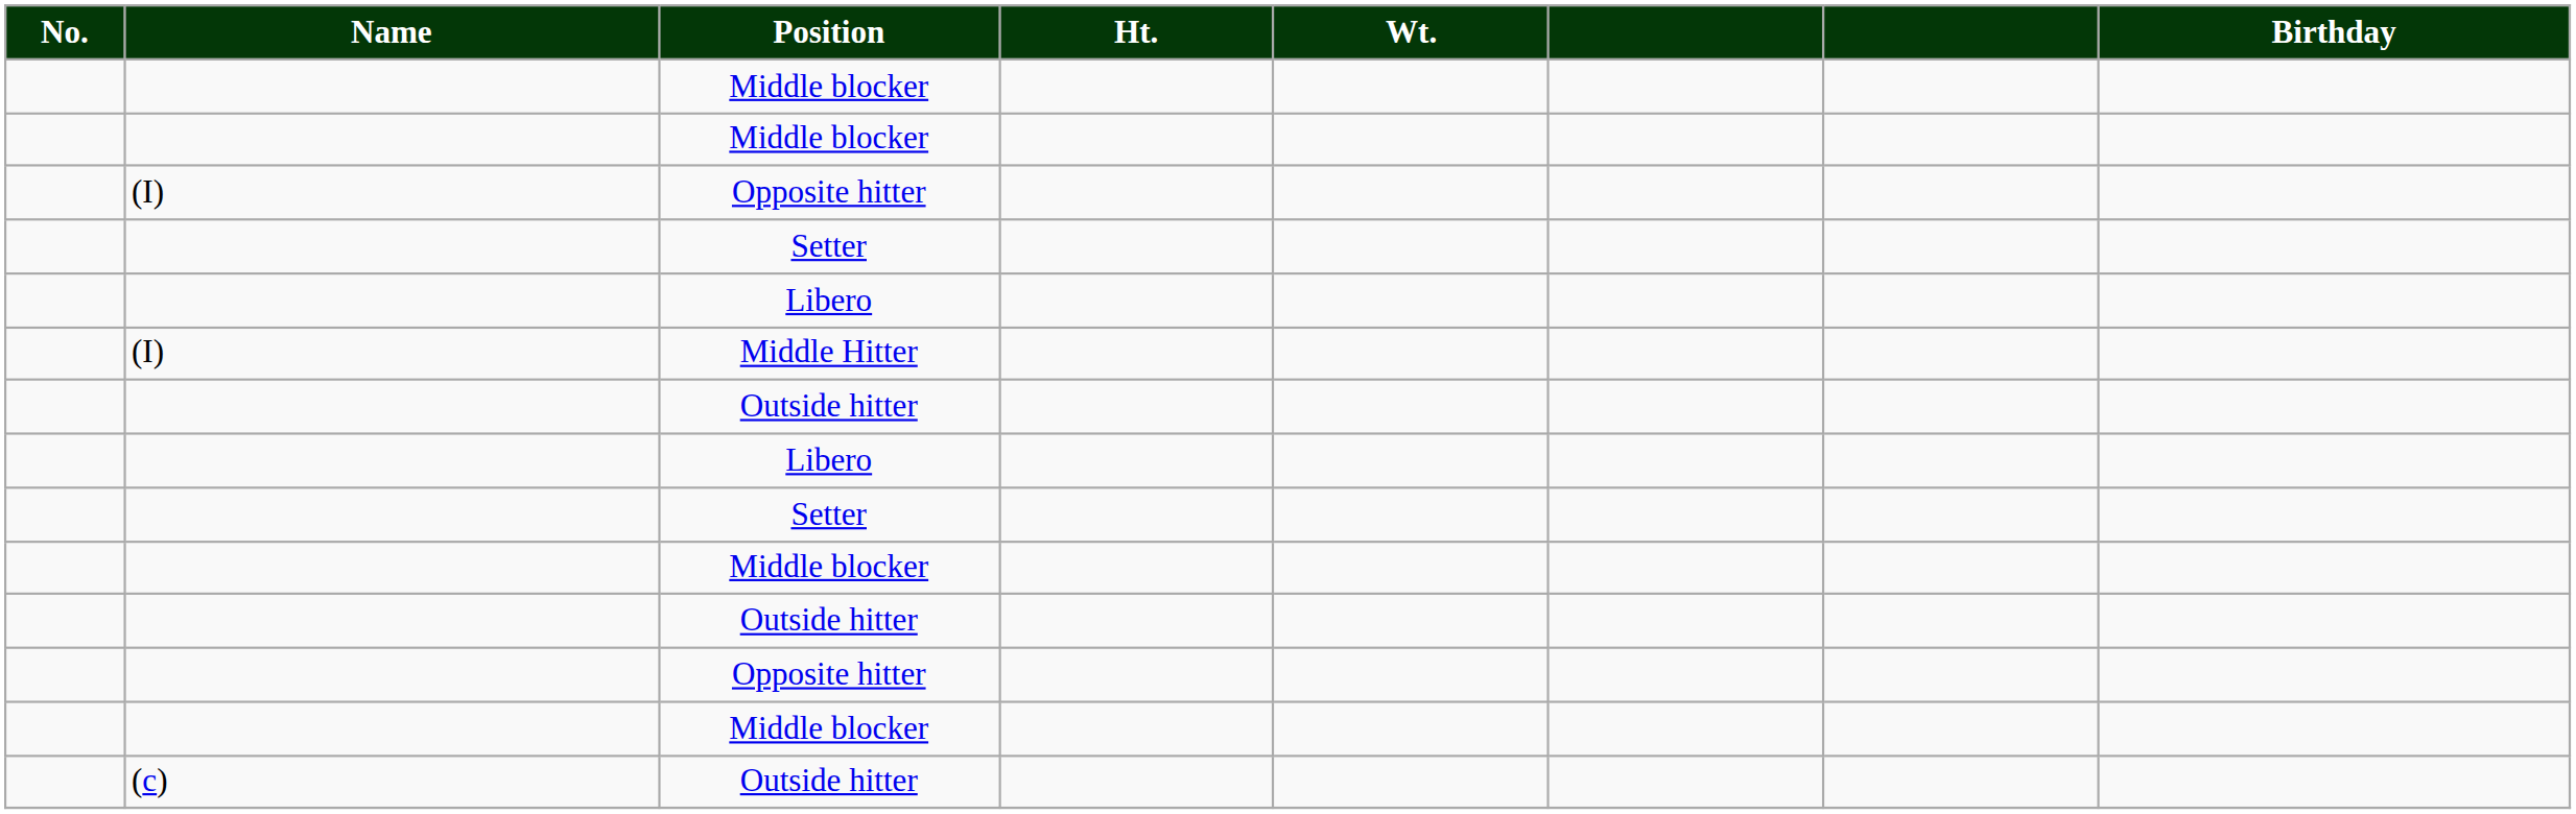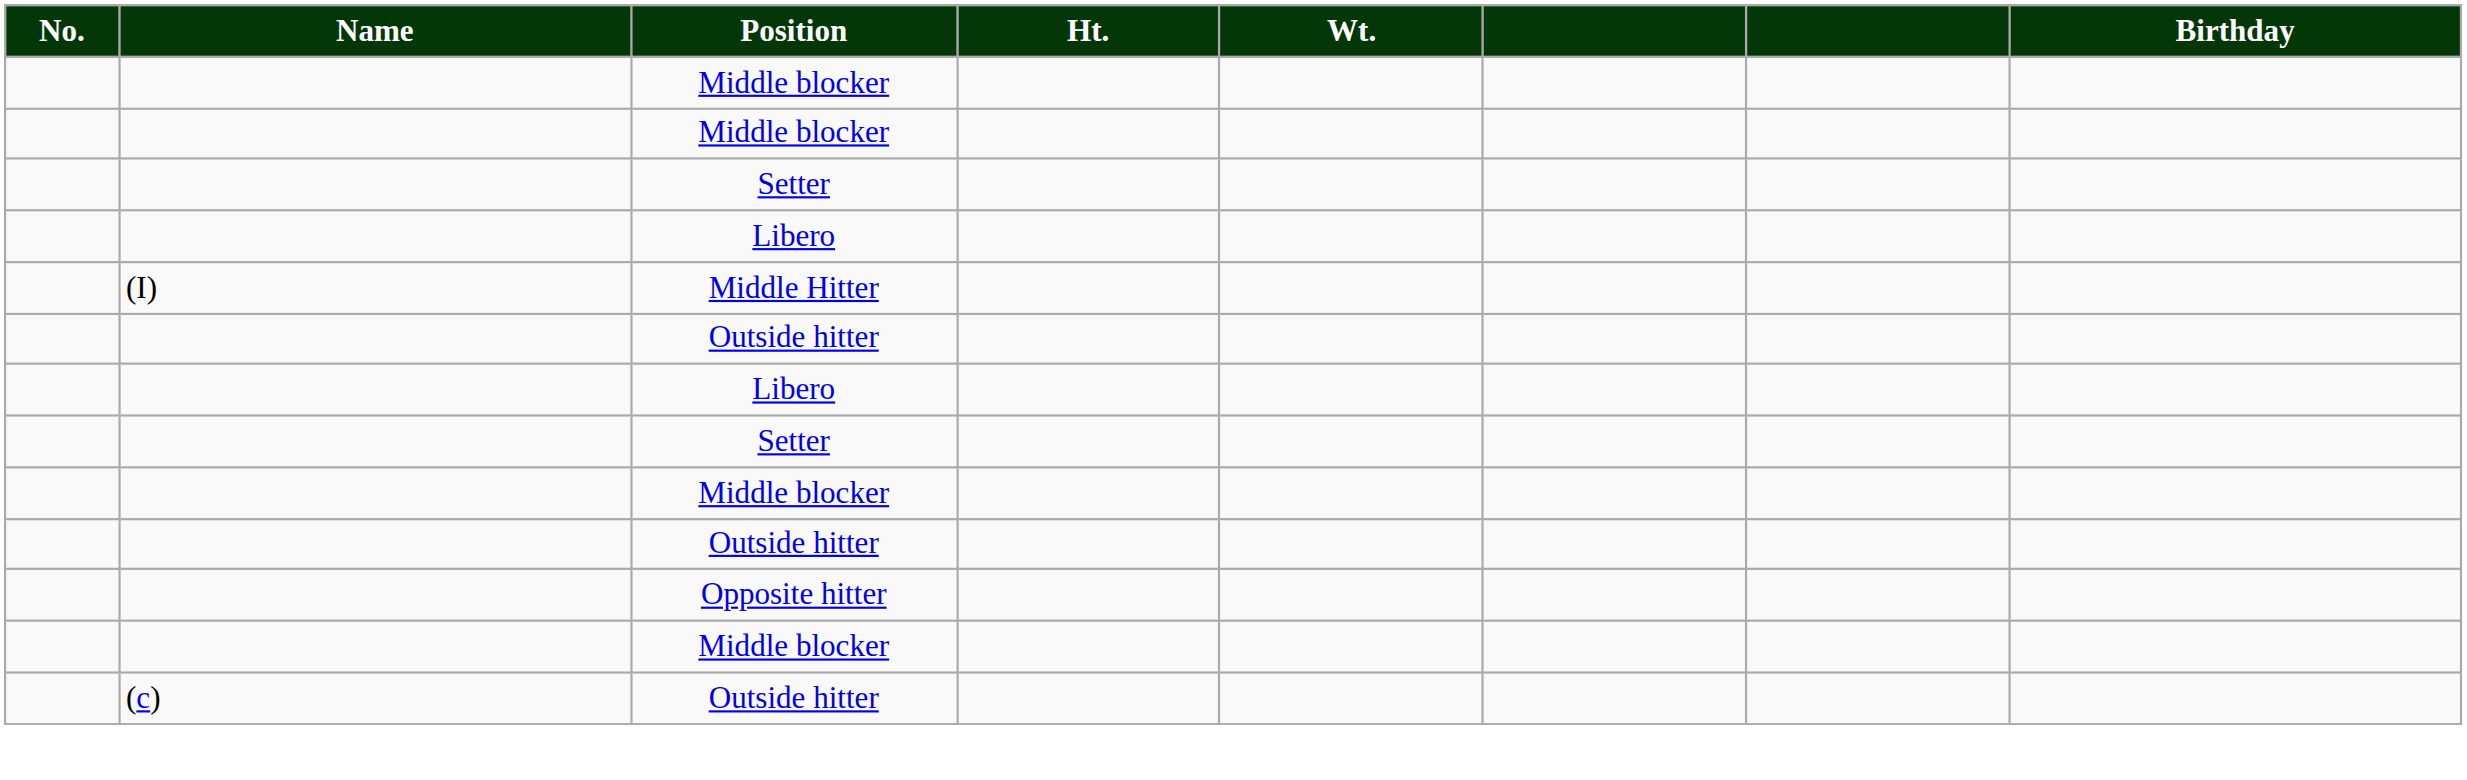 <table class="wikitable sortable" style="font-size:90%; text-align:center; width:90%;">
 <tr>
 <th style="background:#033707; color:white; text-align: center"><strong>No.</strong></th>
 <th style="width:16em; background:#033707; color:white;">Name</th>
 <th style="width:10em;background:#033707; color:white; text-align: center"><strong>Position</strong></th>
 <th style="width:8em; background:#033707; color:white;">Ht.</th>
 <th style="width:8em; background:#033707; color:white;">Wt.</th>
 <th style="width:8em; background:#033707; color:white;"></th>
 <th style="width:8em; background:#033707; color:white;"></th>
 <th style="width:14em; background:#033707; color:white;">Birthday</th>
 </tr>
 <tr>
 <td></td>
 <td align=left> </td>
 <td><a href='#'>Middle blocker</a></td>
 <td></td>
 <td></td>
 <td></td>
 <td></td>
 <td align=right></td>
 </tr>
 <tr>
 <td></td>
 <td align=left> </td>
 <td><a href='#'>Middle blocker</a></td>
-<td></td>
-<td></td>
-<td></td>
-<td></td>
-<td align=right></td>
-</tr>
-<tr>
-<td></td>
-<td align=left>  (I)</td>
-<td><a href='#'>Opposite hitter</a></td>
 <td></td>
 <td></td>
 <td></td>
 <td></td>
 <td align=right></td>
 </tr>
 <tr>
 <td></td>
 <td align=left> </td>
 <td><a href='#'>Setter</a></td>
 <td></td>
 <td></td>
 <td></td>
 <td></td>
 <td align=right></td>
 </tr>
 <tr>
 <td></td>
 <td align=left> </td>
 <td><a href='#'>Libero</a></td>
 <td></td>
 <td></td>
 <td></td>
 <td></td>
 <td align=right></td>
 </tr>
 <tr>
 <td></td>
 <td align=left>  (I)</td>
 <td><a href='#'>Middle Hitter</a></td>
 <td></td>
 <td></td>
 <td></td>
 <td></td>
 <td align=right></td>
 </tr>
 <tr>
 <td></td>
 <td align=left> </td>
 <td><a href='#'>Outside hitter</a></td>
 <td></td>
 <td></td>
 <td></td>
 <td></td>
 <td align=right></td>
 </tr>
 <tr>
 <td></td>
 <td align=left> </td>
 <td><a href='#'>Libero</a></td>
 <td></td>
 <td></td>
 <td></td>
 <td></td>
 <td align=right></td>
 </tr>
 <tr>
 <td></td>
 <td align=left> </td>
 <td><a href='#'>Setter</a></td>
 <td></td>
 <td></td>
 <td></td>
 <td></td>
 <td align=right></td>
 </tr>
 <tr>
 <td></td>
 <td align=left> </td>
 <td><a href='#'>Middle blocker</a></td>
 <td></td>
 <td></td>
 <td></td>
 <td></td>
 <td align=right></td>
 </tr>
 <tr>
 <td></td>
 <td align=left> </td>
 <td><a href='#'>Outside hitter</a></td>
 <td></td>
 <td></td>
 <td></td>
 <td></td>
 <td align=right></td>
 </tr>
 <tr>
 <td></td>
 <td align=left> </td>
 <td><a href='#'>Opposite hitter</a></td>
 <td></td>
 <td></td>
 <td></td>
 <td></td>
 <td align=right></td>
 </tr>
 <tr>
 <td></td>
 <td align=left> </td>
 <td><a href='#'>Middle blocker</a></td>
 <td></td>
 <td></td>
 <td></td>
 <td></td>
 <td align=right></td>
 </tr>
 <tr>
 <td></td>
 <td align=left>  (<a href='#'>c</a>)</td>
 <td><a href='#'>Outside hitter</a></td>
 <td></td>
 <td></td>
 <td></td>
 <td></td>
 <td align=right></td>
 </tr>
 <tr>
 </tr>
 </table>
